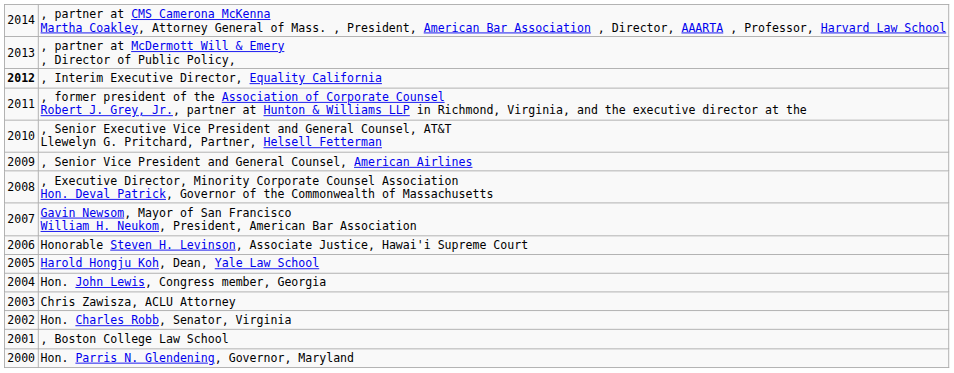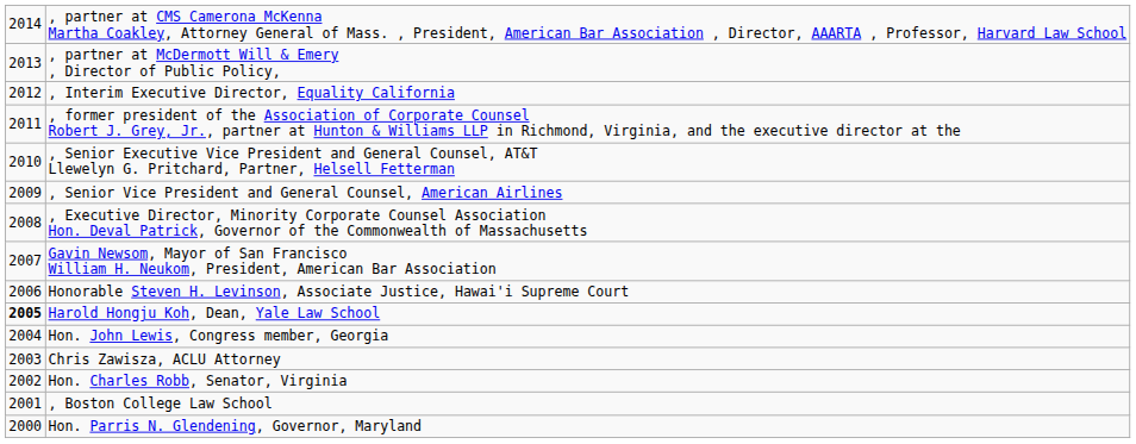 <table class="wikitable">
 <tr>
 <td>2014</td>
 <td>, partner at <a href='#'>CMS Camerona McKenna</a><br><a href='#'>Martha Coakley</a>, Attorney General of Mass. , President, <a href='#'>American Bar Association</a> , Director, <a href='#'>AAARTA</a> , Professor, <a href='#'>Harvard Law School</a></td>
 </tr>
 <tr>
 <td>2013</td>
 <td>, partner at <a href='#'>McDermott Will & Emery</a><br>, Director of Public Policy, </td>
 </tr>
 <tr>
-<td><strong>2012</strong></td>
+<td>2012</td>
 <td>, Interim Executive Director, <a href='#'>Equality California</a></td>
 </tr>
 <tr>
 <td>2011</td>
 <td>, former president of the <a href='#'>Association of Corporate Counsel</a><br><a href='#'>Robert J. Grey, Jr.</a>, partner at <a href='#'>Hunton & Williams LLP</a> in Richmond, Virginia, and the executive director at the </td>
 </tr>
 <tr>
 <td>2010</td>
 <td>, Senior Executive Vice President and General Counsel, AT&T<br>Llewelyn G. Pritchard, Partner, <a href='#'>Helsell Fetterman</a></td>
 </tr>
 <tr>
 <td>2009</td>
 <td>, Senior Vice President and General Counsel, <a href='#'>American Airlines</a></td>
 </tr>
 <tr>
 <td>2008</td>
 <td>, Executive Director, Minority Corporate Counsel Association<br><a href='#'>Hon. Deval Patrick</a>, Governor of the Commonwealth of Massachusetts</td>
 </tr>
 <tr>
 <td>2007</td>
 <td><a href='#'>Gavin Newsom</a>, Mayor of San Francisco<br><a href='#'>William H. Neukom</a>, President, American Bar Association</td>
 </tr>
 <tr>
 <td>2006</td>
 <td>Honorable <a href='#'>Steven H. Levinson</a>, Associate Justice, Hawai'i Supreme Court</td>
 </tr>
 <tr>
-<td>2005</td>
+<td><strong>2005</strong></td>
 <td><a href='#'>Harold Hongju Koh</a>, Dean, <a href='#'>Yale Law School</a></td>
 </tr>
 <tr>
 <td>2004</td>
 <td>Hon. <a href='#'>John Lewis</a>, Congress member, Georgia</td>
 </tr>
 <tr>
 <td>2003</td>
 <td>Chris Zawisza, ACLU Attorney</td>
 </tr>
 <tr>
 <td>2002</td>
 <td>Hon. <a href='#'>Charles Robb</a>, Senator, Virginia</td>
 </tr>
 <tr>
 <td>2001</td>
 <td>, Boston College Law School</td>
 </tr>
 <tr>
 <td>2000</td>
 <td>Hon. <a href='#'>Parris N. Glendening</a>, Governor, Maryland</td>
 </tr>
 </table>
